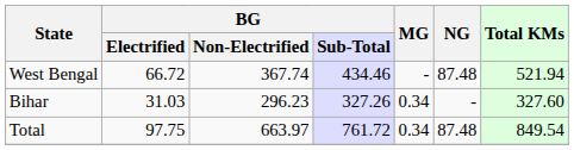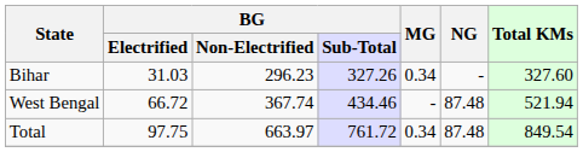 <table class="wikitable" style="text-align:right">
 <tr>
 <th rowspan="2">State</th>
 <th colspan="3">BG</th>
 <th rowspan="2">MG</th>
 <th rowspan="2">NG</th>
 <th data-sort-type="numeric" rowspan="2" style="background-color: #dfd;">Total KMs</th>
 </tr>
 <tr>
 <th data-sort-type="numeric">Electrified</th>
 <th data-sort-type="numeric">Non-Electrified</th>
 <th data-sort-type="numeric" style="background-color: #ddf;">Sub-Total</th>
 </tr>
 <tr>
+<td align=left>Bihar</td>
+<td>31.03</td>
+<td>296.23</td>
+<td style="background-color: #ddf;">327.26</td>
+<td align="right">0.34</td>
+<td>-</td>
+<td style="background-color: #dfd;">327.60</td>
+</tr>
+<tr>
 <td align=left>West Bengal</td>
 <td>66.72</td>
 <td>367.74</td>
 <td style="background-color: #ddf;" align="right">434.46</td>
 <td>-</td>
 <td align="right">87.48</td>
 <td style="background-color: #dfd;">521.94</td>
-</tr>
-<tr>
-<td align=left>Bihar</td>
-<td>31.03</td>
-<td>296.23</td>
-<td style="background-color: #ddf;">327.26</td>
-<td align="right">0.34</td>
-<td>-</td>
-<td style="background-color: #dfd;">327.60</td>
 </tr>
 <tr>
 <td align=left>Total</td>
 <td>97.75</td>
 <td>663.97</td>
 <td style="background-color: #ddf;">761.72</td>
 <td>0.34</td>
 <td>87.48</td>
 <td style="background-color: #dfd;" align="right">849.54</td>
 </tr>
 <tr>
 </tr>
 </table>
